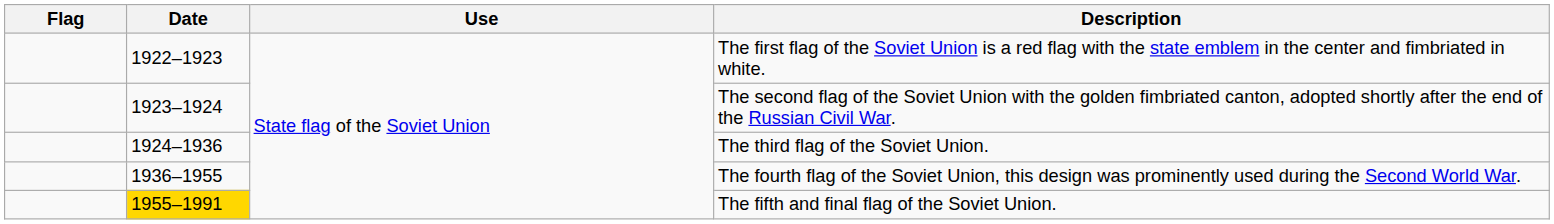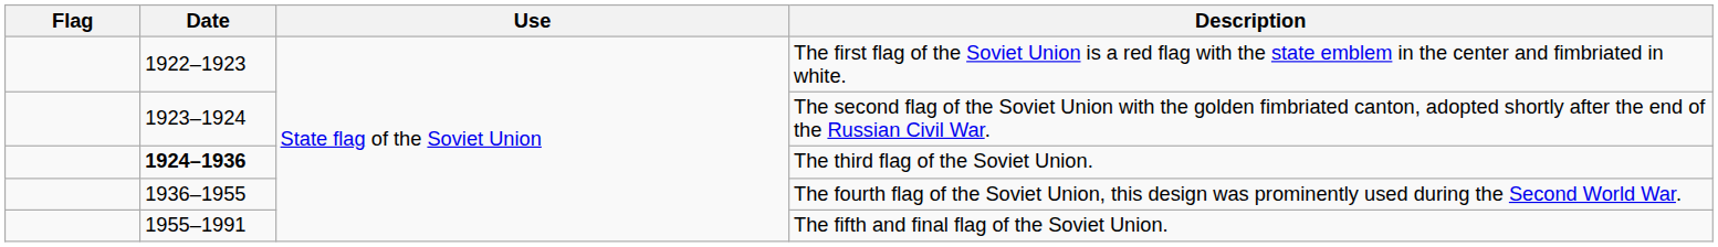 <table class="wikitable">
 <tr>
 <th width="100">Flag</th>
 <th width="100">Date</th>
 <th width="400">Use</th>
 <th width="725">Description</th>
 </tr>
 <tr>
 <td></td>
 <td>1922–1923</td>
 <td rowspan="5"><a href='#'>State flag</a> of the <a href='#'>Soviet Union</a></td>
 <td>The first flag of the <a href='#'>Soviet Union</a> is a red flag with the <a href='#'>state emblem</a> in the center and fimbriated in white.</td>
 </tr>
 <tr>
 <td></td>
 <td>1923–1924</td>
 <td>The second flag of the Soviet Union with the golden fimbriated canton, adopted shortly after the end of the <a href='#'>Russian Civil War</a>.</td>
 </tr>
 <tr>
 <td></td>
-<td>1924–1936</td>
+<td><strong>1924–1936</strong></td>
 <td>The third flag of the Soviet Union.</td>
 </tr>
 <tr>
 <td></td>
 <td>1936–1955</td>
 <td>The fourth flag of the Soviet Union, this design was prominently used during the <a href='#'>Second World War</a>.</td>
 </tr>
 <tr>
 <td></td>
-<td style="background: gold;">1955–1991</td>
+<td>1955–1991</td>
 <td>The fifth and final flag of the Soviet Union.</td>
 </tr>
 </table>
